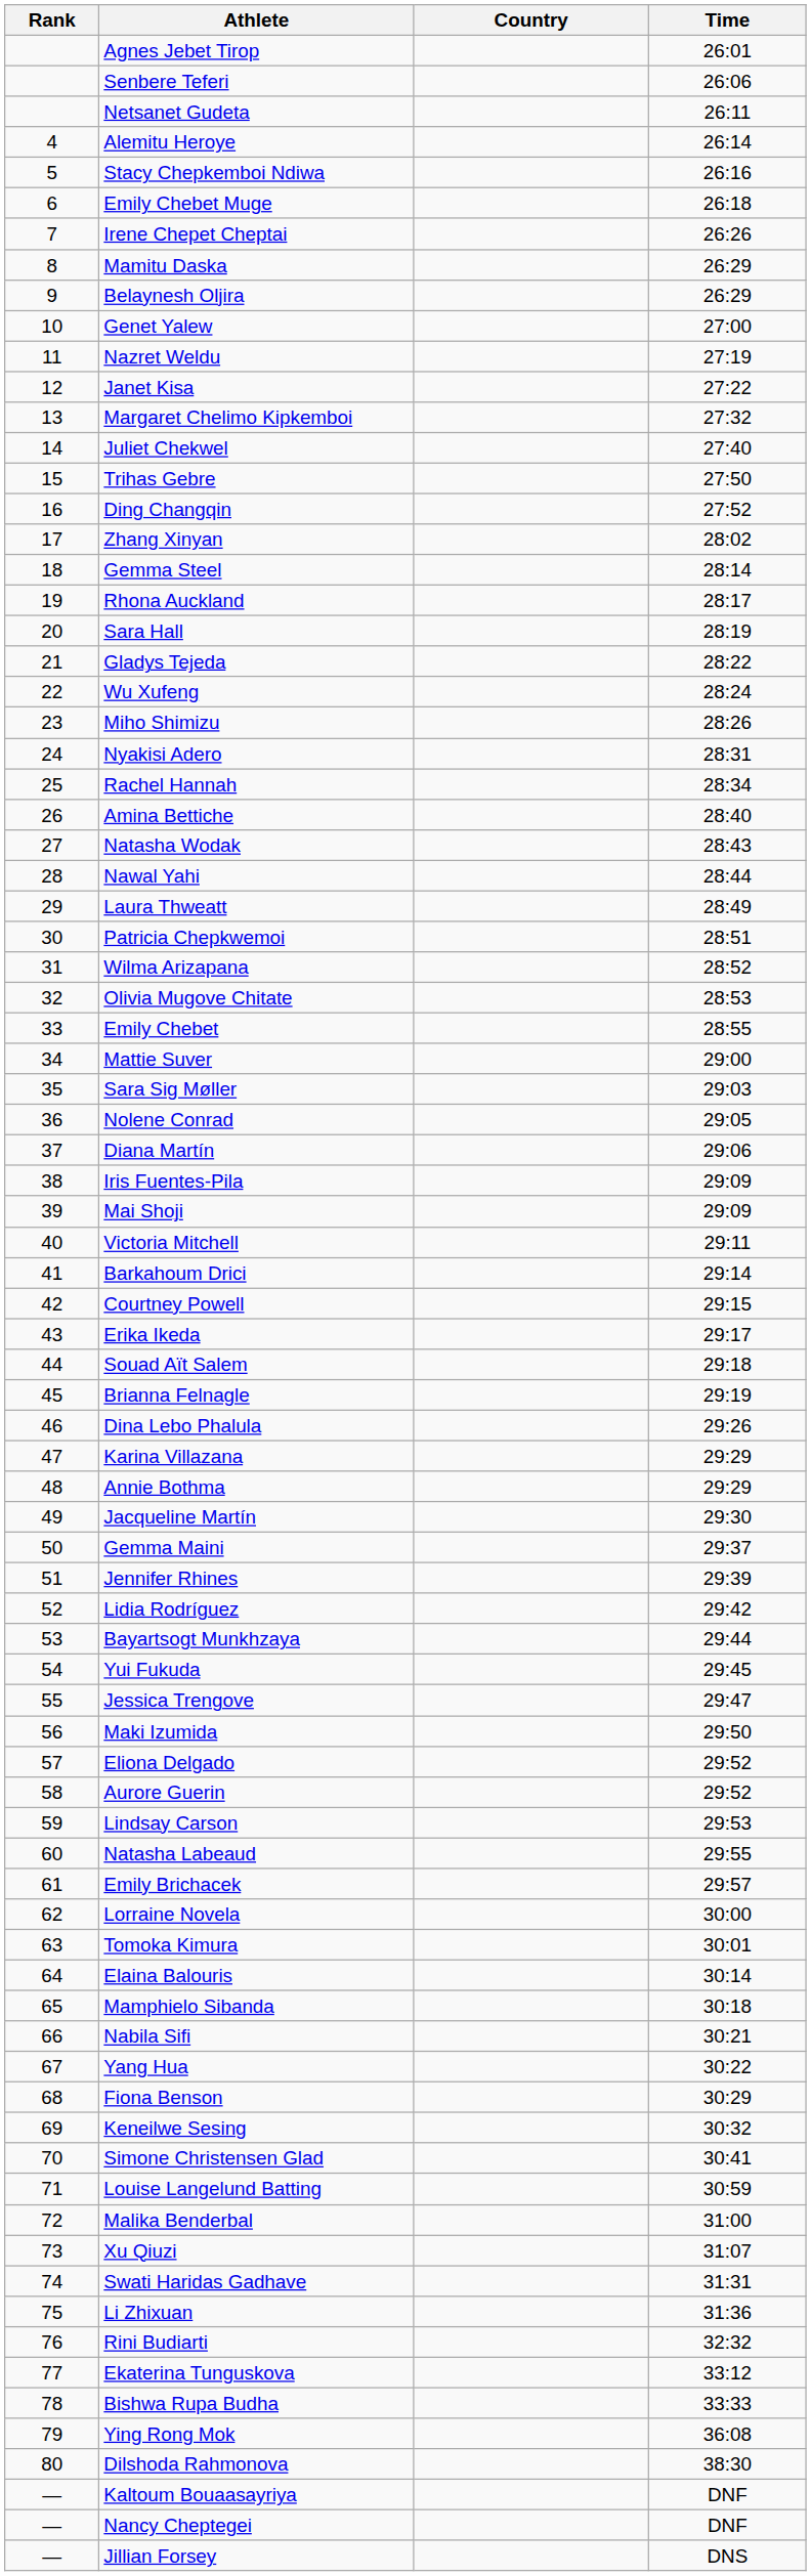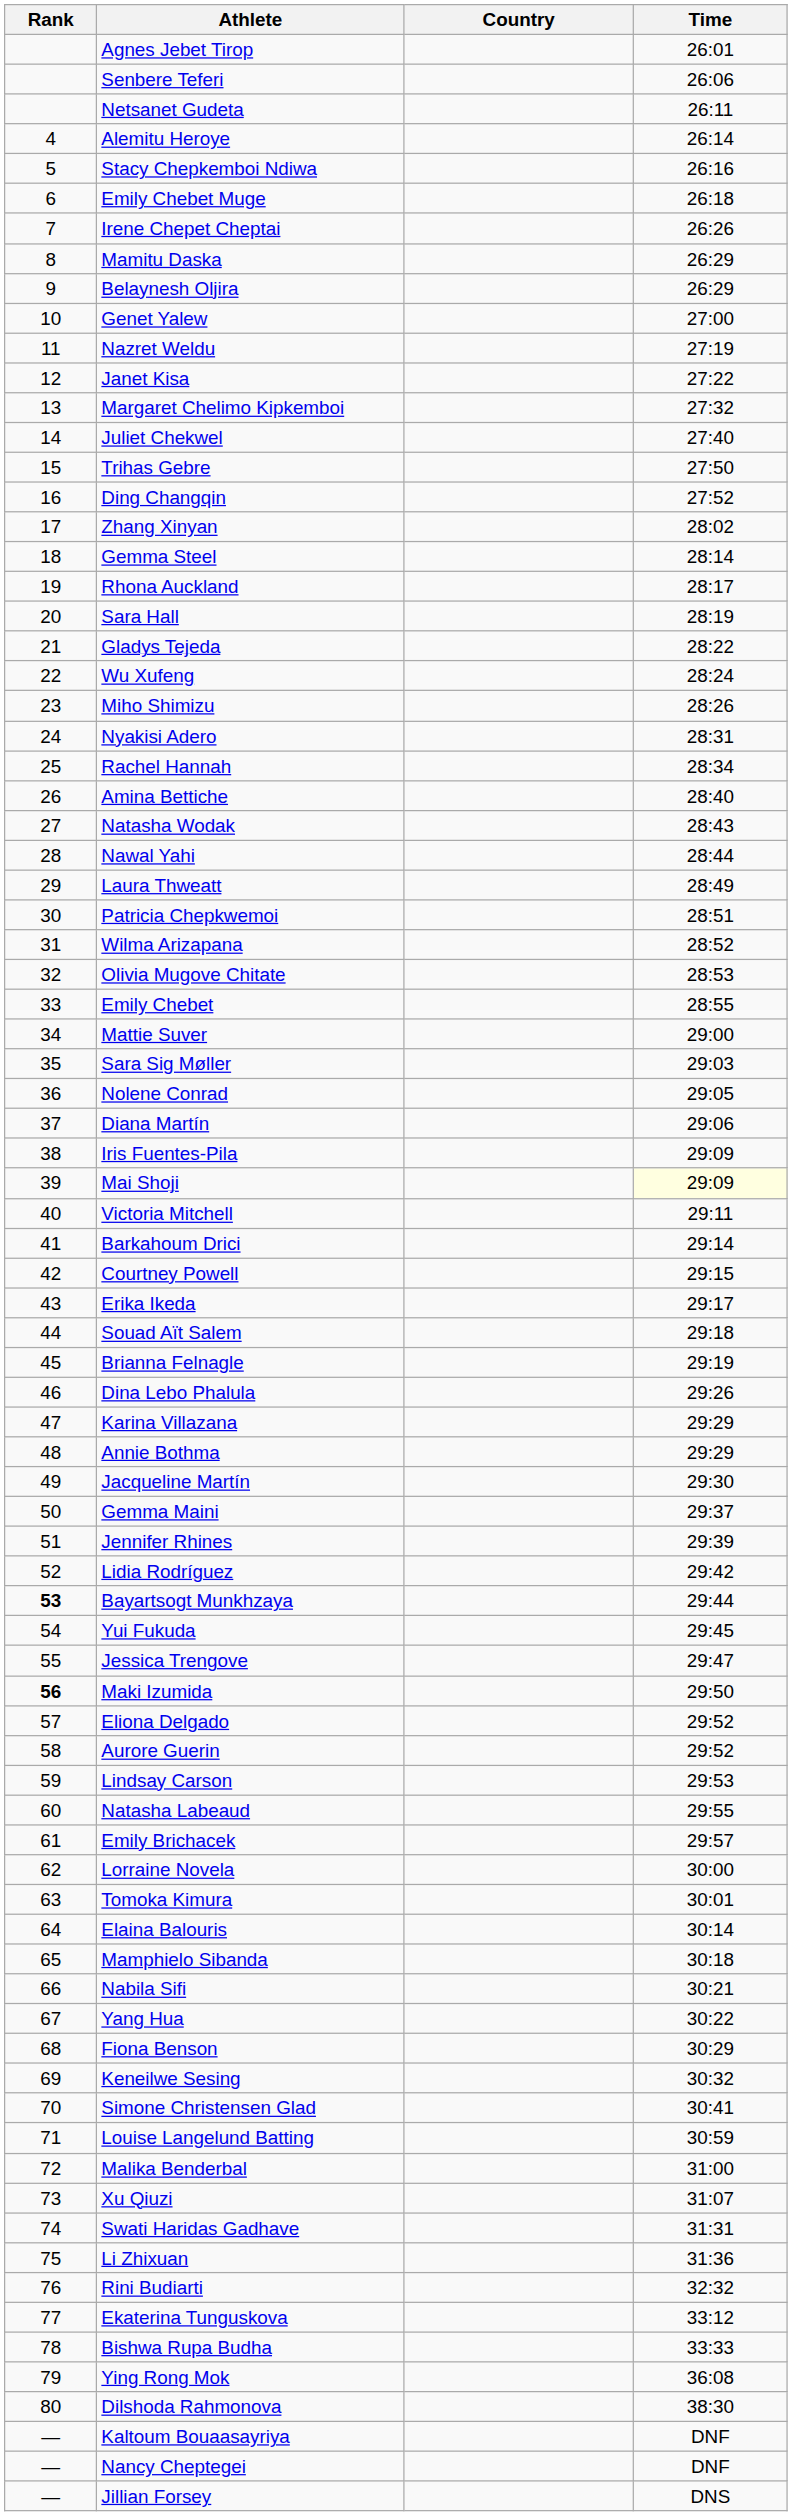 <table class="wikitable sortable" style=" text-align:center; font-size:95%;" width="50%">
 <tr>
 <th width=5%>Rank</th>
 <th width=20%>Athlete</th>
 <th width=15%>Country</th>
 <th width=10%>Time</th>
 </tr>
 <tr>
 <td align=center></td>
 <td align=left><a href='#'>Agnes Jebet Tirop</a></td>
 <td align=left></td>
 <td>26:01</td>
 </tr>
 <tr>
 <td align=center></td>
 <td align=left><a href='#'>Senbere Teferi</a></td>
 <td align=left></td>
 <td>26:06</td>
 </tr>
 <tr>
 <td align=center></td>
 <td align=left><a href='#'>Netsanet Gudeta</a></td>
 <td align=left></td>
 <td>26:11</td>
 </tr>
 <tr>
 <td align=center>4</td>
 <td align=left><a href='#'>Alemitu Heroye</a></td>
 <td align=left></td>
 <td>26:14</td>
 </tr>
 <tr>
 <td align=center>5</td>
 <td align=left><a href='#'>Stacy Chepkemboi Ndiwa</a></td>
 <td align=left></td>
 <td>26:16</td>
 </tr>
 <tr>
 <td align=center>6</td>
 <td align=left><a href='#'>Emily Chebet Muge</a></td>
 <td align=left></td>
 <td>26:18</td>
 </tr>
 <tr>
 <td align=center>7</td>
 <td align=left><a href='#'>Irene Chepet Cheptai</a></td>
 <td align=left></td>
 <td>26:26</td>
 </tr>
 <tr>
 <td align=center>8</td>
 <td align=left><a href='#'>Mamitu Daska</a></td>
 <td align=left></td>
 <td>26:29</td>
 </tr>
 <tr>
 <td align=center>9</td>
 <td align=left><a href='#'>Belaynesh Oljira</a></td>
 <td align=left></td>
 <td>26:29</td>
 </tr>
 <tr>
 <td align=center>10</td>
 <td align=left><a href='#'>Genet Yalew</a></td>
 <td align=left></td>
 <td>27:00</td>
 </tr>
 <tr>
 <td align=center>11</td>
 <td align=left><a href='#'>Nazret Weldu</a></td>
 <td align=left></td>
 <td>27:19</td>
 </tr>
 <tr>
 <td align=center>12</td>
 <td align=left><a href='#'>Janet Kisa</a></td>
 <td align=left></td>
 <td>27:22</td>
 </tr>
 <tr>
 <td align=center>13</td>
 <td align=left><a href='#'>Margaret Chelimo Kipkemboi</a></td>
 <td align=left></td>
 <td>27:32</td>
 </tr>
 <tr>
 <td align=center>14</td>
 <td align=left><a href='#'>Juliet Chekwel</a></td>
 <td align=left></td>
 <td>27:40</td>
 </tr>
 <tr>
 <td align=center>15</td>
 <td align=left><a href='#'>Trihas Gebre</a></td>
 <td align=left></td>
 <td>27:50</td>
 </tr>
 <tr>
 <td align=center>16</td>
 <td align=left><a href='#'>Ding Changqin</a></td>
 <td align=left></td>
 <td>27:52</td>
 </tr>
 <tr>
 <td align=center>17</td>
 <td align=left><a href='#'>Zhang Xinyan</a></td>
 <td align=left></td>
 <td>28:02</td>
 </tr>
 <tr>
 <td align=center>18</td>
 <td align=left><a href='#'>Gemma Steel</a></td>
 <td align=left></td>
 <td>28:14</td>
 </tr>
 <tr>
 <td align=center>19</td>
 <td align=left><a href='#'>Rhona Auckland</a></td>
 <td align=left></td>
 <td>28:17</td>
 </tr>
 <tr>
 <td align=center>20</td>
 <td align=left><a href='#'>Sara Hall</a></td>
 <td align=left></td>
 <td>28:19</td>
 </tr>
 <tr>
 <td align=center>21</td>
 <td align=left><a href='#'>Gladys Tejeda</a></td>
 <td align=left></td>
 <td>28:22</td>
 </tr>
 <tr>
 <td align=center>22</td>
 <td align=left><a href='#'>Wu Xufeng</a></td>
 <td align=left></td>
 <td>28:24</td>
 </tr>
 <tr>
 <td align=center>23</td>
 <td align=left><a href='#'>Miho Shimizu</a></td>
 <td align=left></td>
 <td>28:26</td>
 </tr>
 <tr>
 <td align=center>24</td>
 <td align=left><a href='#'>Nyakisi Adero</a></td>
 <td align=left></td>
 <td>28:31</td>
 </tr>
 <tr>
 <td align=center>25</td>
 <td align=left><a href='#'>Rachel Hannah</a></td>
 <td align=left></td>
 <td>28:34</td>
 </tr>
 <tr>
 <td align=center>26</td>
 <td align=left><a href='#'>Amina Bettiche</a></td>
 <td align=left></td>
 <td>28:40</td>
 </tr>
 <tr>
 <td align=center>27</td>
 <td align=left><a href='#'>Natasha Wodak</a></td>
 <td align=left></td>
 <td>28:43</td>
 </tr>
 <tr>
 <td align=center>28</td>
 <td align=left><a href='#'>Nawal Yahi</a></td>
 <td align=left></td>
 <td>28:44</td>
 </tr>
 <tr>
 <td align=center>29</td>
 <td align=left><a href='#'>Laura Thweatt</a></td>
 <td align=left></td>
 <td>28:49</td>
 </tr>
 <tr>
 <td align=center>30</td>
 <td align=left><a href='#'>Patricia Chepkwemoi</a></td>
 <td align=left></td>
 <td>28:51</td>
 </tr>
 <tr>
 <td align=center>31</td>
 <td align=left><a href='#'>Wilma Arizapana</a></td>
 <td align=left></td>
 <td>28:52</td>
 </tr>
 <tr>
 <td align=center>32</td>
 <td align=left><a href='#'>Olivia Mugove Chitate</a></td>
 <td align=left></td>
 <td>28:53</td>
 </tr>
 <tr>
 <td align=center>33</td>
 <td align=left><a href='#'>Emily Chebet</a></td>
 <td align=left></td>
 <td>28:55</td>
 </tr>
 <tr>
 <td align=center>34</td>
 <td align=left><a href='#'>Mattie Suver</a></td>
 <td align=left></td>
 <td>29:00</td>
 </tr>
 <tr>
 <td align=center>35</td>
 <td align=left><a href='#'>Sara Sig Møller</a></td>
 <td align=left></td>
 <td>29:03</td>
 </tr>
 <tr>
 <td align=center>36</td>
 <td align=left><a href='#'>Nolene Conrad</a></td>
 <td align=left></td>
 <td>29:05</td>
 </tr>
 <tr>
 <td align=center>37</td>
 <td align=left><a href='#'>Diana Martín</a></td>
 <td align=left></td>
 <td>29:06</td>
 </tr>
 <tr>
 <td align=center>38</td>
 <td align=left><a href='#'>Iris Fuentes-Pila</a></td>
 <td align=left></td>
 <td>29:09</td>
 </tr>
 <tr>
 <td align=center>39</td>
 <td align=left><a href='#'>Mai Shoji</a></td>
 <td align=left></td>
-<td>29:09</td>
+<td style="background: lightyellow;">29:09</td>
 </tr>
 <tr>
 <td align=center>40</td>
 <td align=left><a href='#'>Victoria Mitchell</a></td>
 <td align=left></td>
 <td>29:11</td>
 </tr>
 <tr>
 <td align=center>41</td>
 <td align=left><a href='#'>Barkahoum Drici</a></td>
 <td align=left></td>
 <td>29:14</td>
 </tr>
 <tr>
 <td align=center>42</td>
 <td align=left><a href='#'>Courtney Powell</a></td>
 <td align=left></td>
 <td>29:15</td>
 </tr>
 <tr>
 <td align=center>43</td>
 <td align=left><a href='#'>Erika Ikeda</a></td>
 <td align=left></td>
 <td>29:17</td>
 </tr>
 <tr>
 <td align=center>44</td>
 <td align=left><a href='#'>Souad Aït Salem</a></td>
 <td align=left></td>
 <td>29:18</td>
 </tr>
 <tr>
 <td align=center>45</td>
 <td align=left><a href='#'>Brianna Felnagle</a></td>
 <td align=left></td>
 <td>29:19</td>
 </tr>
 <tr>
 <td align=center>46</td>
 <td align=left><a href='#'>Dina Lebo Phalula</a></td>
 <td align=left></td>
 <td>29:26</td>
 </tr>
 <tr>
 <td align=center>47</td>
 <td align=left><a href='#'>Karina Villazana</a></td>
 <td align=left></td>
 <td>29:29</td>
 </tr>
 <tr>
 <td align=center>48</td>
 <td align=left><a href='#'>Annie Bothma</a></td>
 <td align=left></td>
 <td>29:29</td>
 </tr>
 <tr>
 <td align=center>49</td>
 <td align=left><a href='#'>Jacqueline Martín</a></td>
 <td align=left></td>
 <td>29:30</td>
 </tr>
 <tr>
 <td align=center>50</td>
 <td align=left><a href='#'>Gemma Maini</a></td>
 <td align=left></td>
 <td>29:37</td>
 </tr>
 <tr>
 <td align=center>51</td>
 <td align=left><a href='#'>Jennifer Rhines</a></td>
 <td align=left></td>
 <td>29:39</td>
 </tr>
 <tr>
 <td align=center>52</td>
 <td align=left><a href='#'>Lidia Rodríguez</a></td>
 <td align=left></td>
 <td>29:42</td>
 </tr>
 <tr>
-<td align=center>53</td>
+<td align=center><strong>53</strong></td>
 <td align=left><a href='#'>Bayartsogt Munkhzaya</a></td>
 <td align=left></td>
 <td>29:44</td>
 </tr>
 <tr>
 <td align=center>54</td>
 <td align=left><a href='#'>Yui Fukuda</a></td>
 <td align=left></td>
 <td>29:45</td>
 </tr>
 <tr>
 <td align=center>55</td>
 <td align=left><a href='#'>Jessica Trengove</a></td>
 <td align=left></td>
 <td>29:47</td>
 </tr>
 <tr>
-<td align=center>56</td>
+<td align=center><strong>56</strong></td>
 <td align=left><a href='#'>Maki Izumida</a></td>
 <td align=left></td>
 <td>29:50</td>
 </tr>
 <tr>
 <td align=center>57</td>
 <td align=left><a href='#'>Eliona Delgado</a></td>
 <td align=left></td>
 <td>29:52</td>
 </tr>
 <tr>
 <td align=center>58</td>
 <td align=left><a href='#'>Aurore Guerin</a></td>
 <td align=left></td>
 <td>29:52</td>
 </tr>
 <tr>
 <td align=center>59</td>
 <td align=left><a href='#'>Lindsay Carson</a></td>
 <td align=left></td>
 <td>29:53</td>
 </tr>
 <tr>
 <td align=center>60</td>
 <td align=left><a href='#'>Natasha Labeaud</a></td>
 <td align=left></td>
 <td>29:55</td>
 </tr>
 <tr>
 <td align=center>61</td>
 <td align=left><a href='#'>Emily Brichacek</a></td>
 <td align=left></td>
 <td>29:57</td>
 </tr>
 <tr>
 <td align=center>62</td>
 <td align=left><a href='#'>Lorraine Novela</a></td>
 <td align=left></td>
 <td>30:00</td>
 </tr>
 <tr>
 <td align=center>63</td>
 <td align=left><a href='#'>Tomoka Kimura</a></td>
 <td align=left></td>
 <td>30:01</td>
 </tr>
 <tr>
 <td align=center>64</td>
 <td align=left><a href='#'>Elaina Balouris</a></td>
 <td align=left></td>
 <td>30:14</td>
 </tr>
 <tr>
 <td align=center>65</td>
 <td align=left><a href='#'>Mamphielo Sibanda</a></td>
 <td align=left></td>
 <td>30:18</td>
 </tr>
 <tr>
 <td align=center>66</td>
 <td align=left><a href='#'>Nabila Sifi</a></td>
 <td align=left></td>
 <td>30:21</td>
 </tr>
 <tr>
 <td align=center>67</td>
 <td align=left><a href='#'>Yang Hua</a></td>
 <td align=left></td>
 <td>30:22</td>
 </tr>
 <tr>
 <td align=center>68</td>
 <td align=left><a href='#'>Fiona Benson</a></td>
 <td align=left></td>
 <td>30:29</td>
 </tr>
 <tr>
 <td align=center>69</td>
 <td align=left><a href='#'>Keneilwe Sesing</a></td>
 <td align=left></td>
 <td>30:32</td>
 </tr>
 <tr>
 <td align=center>70</td>
 <td align=left><a href='#'>Simone Christensen Glad</a></td>
 <td align=left></td>
 <td>30:41</td>
 </tr>
 <tr>
 <td align=center>71</td>
 <td align=left><a href='#'>Louise Langelund Batting</a></td>
 <td align=left></td>
 <td>30:59</td>
 </tr>
 <tr>
 <td align=center>72</td>
 <td align=left><a href='#'>Malika Benderbal</a></td>
 <td align=left></td>
 <td>31:00</td>
 </tr>
 <tr>
 <td align=center>73</td>
 <td align=left><a href='#'>Xu Qiuzi</a></td>
 <td align=left></td>
 <td>31:07</td>
 </tr>
 <tr>
 <td align=center>74</td>
 <td align=left><a href='#'>Swati Haridas Gadhave</a></td>
 <td align=left></td>
 <td>31:31</td>
 </tr>
 <tr>
 <td align=center>75</td>
 <td align=left><a href='#'>Li Zhixuan</a></td>
 <td align=left></td>
 <td>31:36</td>
 </tr>
 <tr>
 <td align=center>76</td>
 <td align=left><a href='#'>Rini Budiarti</a></td>
 <td align=left></td>
 <td>32:32</td>
 </tr>
 <tr>
 <td align=center>77</td>
 <td align=left><a href='#'>Ekaterina Tunguskova</a></td>
 <td align=left></td>
 <td>33:12</td>
 </tr>
 <tr>
 <td align=center>78</td>
 <td align=left><a href='#'>Bishwa Rupa Budha</a></td>
 <td align=left></td>
 <td>33:33</td>
 </tr>
 <tr>
 <td align=center>79</td>
 <td align=left><a href='#'>Ying Rong Mok</a></td>
 <td align=left></td>
 <td>36:08</td>
 </tr>
 <tr>
 <td align=center>80</td>
 <td align=left><a href='#'>Dilshoda Rahmonova</a></td>
 <td align=left></td>
 <td>38:30</td>
 </tr>
 <tr>
 <td align=center>—</td>
 <td align=left><a href='#'>Kaltoum Bouaasayriya</a></td>
 <td align=left></td>
 <td>DNF</td>
 </tr>
 <tr>
 <td align=center>—</td>
 <td align=left><a href='#'>Nancy Cheptegei</a></td>
 <td align=left></td>
 <td>DNF</td>
 </tr>
 <tr>
 <td align=center>—</td>
 <td align=left><a href='#'>Jillian Forsey</a></td>
 <td align=left></td>
 <td>DNS</td>
 </tr>
 </table>
